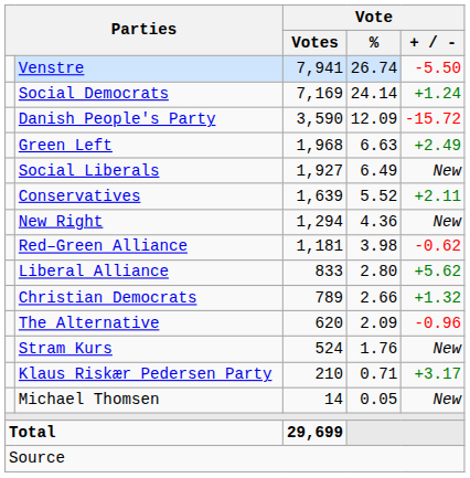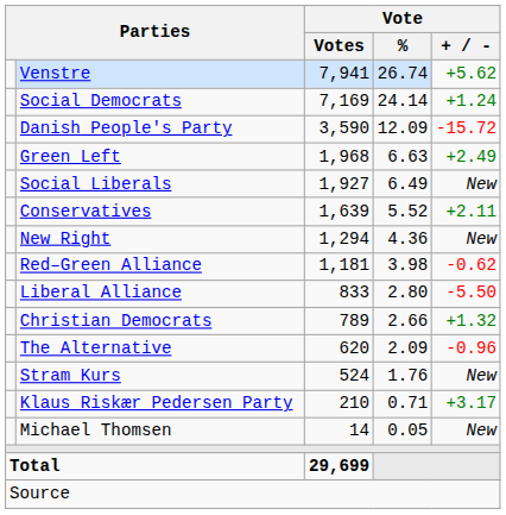 <table class="wikitable" style="text-align:right;">
 <tr>
 <th style="text-align:centre;" rowspan="2" colspan="2" width="225">Parties</th>
 <th colspan="3">Vote</th>
 </tr>
 <tr>
 <th width="15">Votes</th>
 <th width="15">%</th>
 <th width="15">+ / -</th>
 </tr>
 <tr>
 <td width="2" style="color:inherit;background:"></td>
 <td bgcolor=#cfe5fe  align="left"><a href='#'>Venstre</a></td>
 <td bgcolor=#cfe5fe>7,941</td>
 <td bgcolor=#cfe5fe>26.74</td>
-<td style=color:red;>-5.50</td>
+<td style=color:green;>+5.62</td>
 </tr>
 <tr>
 <td width="2" style="color:inherit;background:"></td>
 <td align="left"><a href='#'>Social Democrats</a></td>
 <td>7,169</td>
 <td>24.14</td>
 <td style=color:green;>+1.24</td>
 </tr>
 <tr>
 <td width="2" style="color:inherit;background:"></td>
 <td align="left"><a href='#'>Danish People's Party</a></td>
 <td>3,590</td>
 <td>12.09</td>
 <td style=color:red;>-15.72</td>
 </tr>
 <tr>
 <td width="2" style="color:inherit;background:"></td>
 <td align="left"><a href='#'>Green Left</a></td>
 <td>1,968</td>
 <td>6.63</td>
 <td style=color:green;>+2.49</td>
 </tr>
 <tr>
 <td width="2" style="color:inherit;background:"></td>
 <td align="left"><a href='#'>Social Liberals</a></td>
 <td>1,927</td>
 <td>6.49</td>
 <td><em>New</em></td>
 </tr>
 <tr>
 <td width="2" style="color:inherit;background:"></td>
 <td align="left"><a href='#'>Conservatives</a></td>
 <td>1,639</td>
 <td>5.52</td>
 <td style=color:green;>+2.11</td>
 </tr>
 <tr>
 <td width="2" style="color:inherit;background:"></td>
 <td align="left"><a href='#'>New Right</a></td>
 <td>1,294</td>
 <td>4.36</td>
 <td><em>New</em></td>
 </tr>
 <tr>
 <td width="2" style="color:inherit;background:"></td>
 <td align="left"><a href='#'>Red–Green Alliance</a></td>
 <td>1,181</td>
 <td>3.98</td>
 <td style=color:red;>-0.62</td>
 </tr>
 <tr>
 <td width="2" style="color:inherit;background:"></td>
 <td align="left"><a href='#'>Liberal Alliance</a></td>
 <td>833</td>
 <td>2.80</td>
-<td style=color:green;>+5.62</td>
+<td style=color:red;>-5.50</td>
 </tr>
 <tr>
 <td width="2" style="color:inherit;background:"></td>
 <td align="left"><a href='#'>Christian Democrats</a></td>
 <td>789</td>
 <td>2.66</td>
 <td style=color:green;>+1.32</td>
 </tr>
 <tr>
 <td width="2" style="color:inherit;background:"></td>
 <td align="left"><a href='#'>The Alternative</a></td>
 <td>620</td>
 <td>2.09</td>
 <td style=color:red;>-0.96</td>
 </tr>
 <tr>
 <td width="2" style="color:inherit;background:"></td>
 <td align="left"><a href='#'>Stram Kurs</a></td>
 <td>524</td>
 <td>1.76</td>
 <td><em>New</em></td>
 </tr>
 <tr>
 <td width="2" style="color:inherit;background:"></td>
 <td align="left"><a href='#'>Klaus Riskær Pedersen Party</a></td>
 <td>210</td>
 <td>0.71</td>
 <td style=color:green;>+3.17</td>
 </tr>
 <tr>
 <td width="2" style="color:inherit;background:"></td>
 <td align="left">Michael Thomsen</td>
 <td>14</td>
 <td>0.05</td>
 <td><em>New</em></td>
 </tr>
 <tr>
 <td colspan="7" bgcolor="#E9E9E9"></td>
 </tr>
 <tr>
 <td align="left" colspan="2"><strong>Total</strong></td>
 <td><strong>29,699</strong></td>
 <td bgcolor="#E9E9E9" colspan="2"></td>
 </tr>
 <tr>
 <td align="left" colspan="6">Source</td>
 </tr>
 </table>
